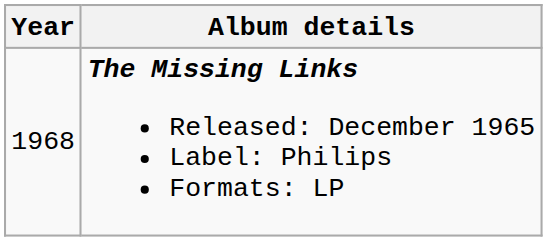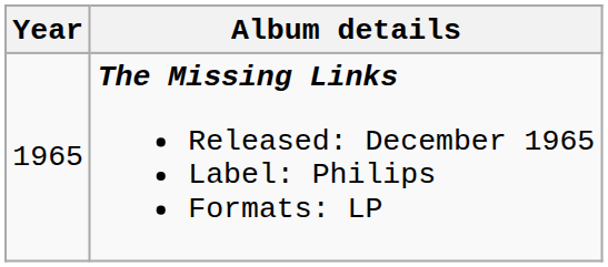 <table class="wikitable">
 <tr>
 <th>Year</th>
 <th>Album details</th>
 </tr>
 <tr>
-<td>1968</td>
+<td>1965</td>
 <td><strong><em>The Missing Links</em></strong><br><ul><li>Released: December 1965</li><li>Label: Philips </li><li>Formats: LP</li></ul></td>
 </tr>
 </table>
